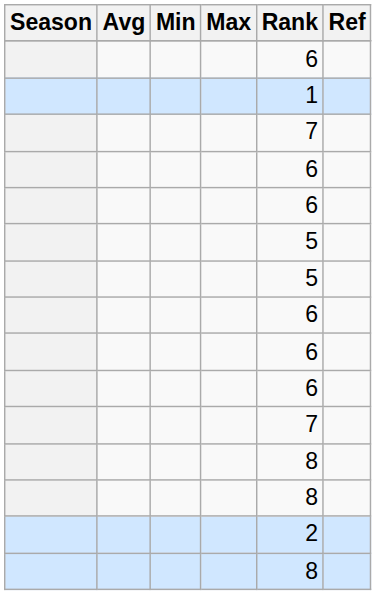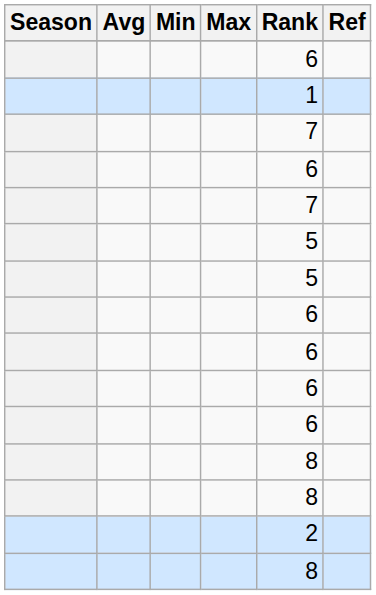 <table class="wikitable plainrowheaders sortable">
 <tr>
 <th scope=col>Season</th>
 <th scope=col>Avg</th>
 <th scope=col>Min</th>
 <th scope=col>Max</th>
 <th scope=col>Rank</th>
 <th scope=col class="unsortable">Ref</th>
 </tr>
 <tr>
 </tr>
 <tr>
 <th scope=row align=right></th>
 <td align=right></td>
 <td align=right></td>
 <td align=right></td>
 <td align=right>6</td>
 <td align=center></td>
 </tr>
 <tr style="background-color: #D0E7FF">
 <th scope=row  style="background-color: #D0E7FF"align=right></th>
 <td align=right></td>
 <td align=right></td>
 <td align=right></td>
 <td align=right>1</td>
 <td align=center></td>
 </tr>
 <tr>
 <th scope=row align=right></th>
 <td stalign=right></td>
 <td align=right></td>
 <td align=right></td>
 <td align=right>7</td>
 <td align=center></td>
 </tr>
 <tr>
 <th scope=row align=right></th>
 <td align=right></td>
 <td align=right></td>
 <td align=right></td>
 <td align=right>6</td>
 <td align=center></td>
 </tr>
 <tr>
 <th scope=row align=right></th>
 <td align=right></td>
 <td align=right></td>
 <td align=right></td>
-<td align=right>6</td>
+<td align=right>7</td>
 <td align=center></td>
 </tr>
 <tr>
 <th scope=row align=right></th>
 <td align=right></td>
 <td align=right></td>
 <td align=right></td>
 <td align=right>5</td>
 <td align=center></td>
 </tr>
 <tr>
 <th scope=row align=right></th>
 <td align=right></td>
 <td align=right></td>
 <td align=right></td>
 <td align=right>5</td>
 <td align=center></td>
 </tr>
 <tr>
 <th scope=row align=right></th>
 <td align=right></td>
 <td align=right></td>
 <td align=right></td>
 <td align=right>6</td>
 <td align=center></td>
 </tr>
 <tr>
 <th scope=row align=right></th>
 <td align=right></td>
 <td align=right></td>
 <td align=right></td>
 <td align=right>6</td>
 <td align=center></td>
 </tr>
 <tr>
 <th scope=row align=right></th>
 <td align=right></td>
 <td align=right></td>
 <td align=right></td>
 <td align=right>6</td>
 <td align=center></td>
 </tr>
 <tr>
 <th scope=row align=right></th>
 <td align=right></td>
 <td align=right></td>
 <td align=right></td>
-<td align=right>7</td>
+<td align=right>6</td>
 <td align=center></td>
 </tr>
 <tr>
 <th scope=row align=right></th>
 <td align=right></td>
 <td align=right></td>
 <td align=right></td>
 <td align=right>8</td>
 <td align=center></td>
 </tr>
 <tr>
 <th scope=row align=right></th>
 <td align=right></td>
 <td align=right></td>
 <td align=right></td>
 <td align=right>8</td>
 <td align=center></td>
 </tr>
 <tr style="background-color: #D0E7FF">
 <th scope=row  style="background-color: #D0E7FF"align=right></th>
 <td align=right></td>
 <td align=right></td>
 <td align=right></td>
 <td align=right>2</td>
 <td align=center></td>
 </tr>
 <tr style="background-color: #D0E7FF">
 <th scope=row  style="background-color: #D0E7FF"align=right></th>
 <td align=right></td>
 <td align=right></td>
 <td align=right></td>
 <td align=right>8</td>
 <td align=center></td>
 </tr>
 </table>
